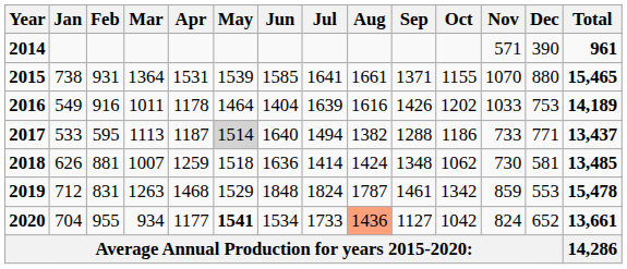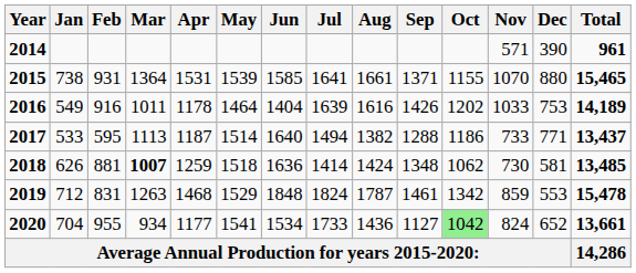 <table class=wikitable>
 <tr>
 <th>Year</th>
 <th>Jan</th>
 <th>Feb</th>
 <th>Mar</th>
 <th>Apr</th>
 <th>May</th>
 <th>Jun</th>
 <th>Jul</th>
 <th>Aug</th>
 <th>Sep</th>
 <th>Oct</th>
 <th>Nov</th>
 <th>Dec</th>
 <th>Total</th>
 </tr>
 <tr align=right>
 <td><strong>2014</strong></td>
 <td></td>
 <td></td>
 <td></td>
 <td></td>
 <td></td>
 <td></td>
 <td></td>
 <td></td>
 <td></td>
 <td></td>
 <td>571</td>
 <td>390</td>
 <td><strong>961</strong></td>
 </tr>
 <tr align=right>
 <td><strong>2015</strong></td>
 <td>738</td>
 <td>931</td>
 <td>1364</td>
 <td>1531</td>
 <td>1539</td>
 <td>1585</td>
 <td>1641</td>
 <td>1661</td>
 <td>1371</td>
 <td>1155</td>
 <td>1070</td>
 <td>880</td>
 <td><strong>15,465</strong></td>
 </tr>
 <tr align=right>
 <td><strong>2016</strong></td>
 <td>549</td>
 <td>916</td>
 <td>1011</td>
 <td>1178</td>
 <td>1464</td>
 <td>1404</td>
 <td>1639</td>
 <td>1616</td>
 <td>1426</td>
 <td>1202</td>
 <td>1033</td>
 <td>753</td>
 <td><strong>14,189</strong></td>
 </tr>
 <tr align=right>
 <td><strong>2017</strong></td>
 <td>533</td>
 <td>595</td>
 <td>1113</td>
 <td>1187</td>
-<td style="background: lightgrey;">1514</td>
+<td>1514</td>
 <td>1640</td>
 <td>1494</td>
 <td>1382</td>
 <td>1288</td>
 <td>1186</td>
 <td>733</td>
 <td>771</td>
 <td><strong>13,437</strong></td>
 </tr>
 <tr align=right>
 <td><strong>2018</strong></td>
 <td>626</td>
 <td>881</td>
-<td>1007</td>
+<td><strong>1007</strong></td>
 <td>1259</td>
 <td>1518</td>
 <td>1636</td>
 <td>1414</td>
 <td>1424</td>
 <td>1348</td>
 <td>1062</td>
 <td>730</td>
 <td>581</td>
 <td><strong>13,485</strong></td>
 </tr>
 <tr align=right>
 <td><strong>2019</strong></td>
 <td>712</td>
 <td>831</td>
 <td>1263</td>
 <td>1468</td>
 <td>1529</td>
 <td>1848</td>
 <td>1824</td>
 <td>1787</td>
 <td>1461</td>
 <td>1342</td>
 <td>859</td>
 <td>553</td>
 <td><strong>15,478</strong></td>
 </tr>
 <tr align=right>
 <td><strong>2020</strong></td>
 <td>704</td>
 <td>955</td>
 <td>934</td>
 <td>1177</td>
-<td><strong>1541</strong></td>
+<td>1541</td>
 <td>1534</td>
 <td>1733</td>
-<td style="background: lightsalmon;">1436</td>
+<td>1436</td>
 <td>1127</td>
-<td>1042</td>
+<td style="background: lightgreen;">1042</td>
 <td>824</td>
 <td>652</td>
 <td><strong>13,661</strong></td>
 </tr>
 <tr align=right>
 <th colspan=13>Average Annual Production for years 2015-2020:</th>
 <th>14,286</th>
 </tr>
 </table>
